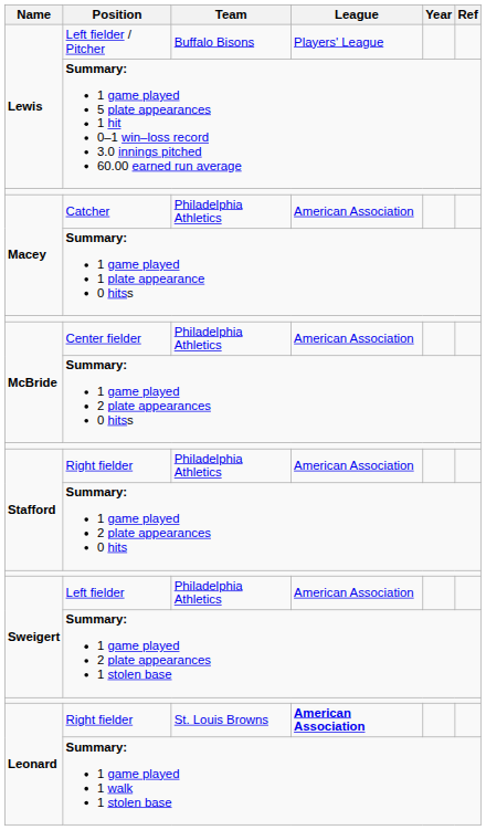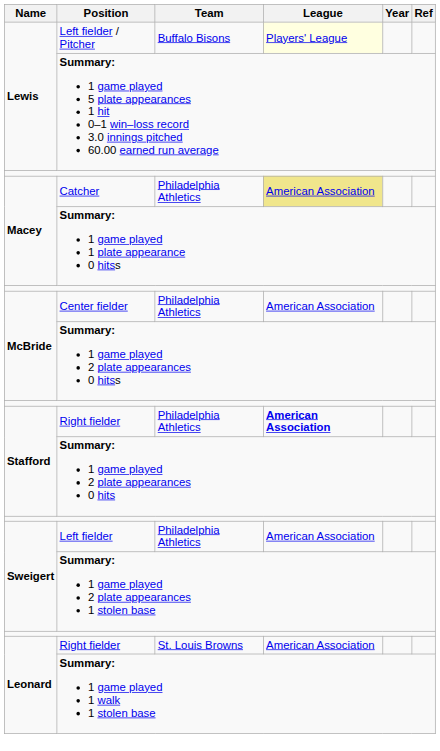 <table class="wikitable">
 <tr>
 <th>Name</th>
 <th>Position</th>
 <th>Team</th>
 <th>League</th>
 <th>Year</th>
 <th>Ref</th>
 </tr>
 <tr>
 <td rowspan="2"><strong>Lewis</strong></td>
 <td><a href='#'>Left fielder</a> / <a href='#'>Pitcher</a></td>
 <td><a href='#'>Buffalo Bisons</a></td>
-<td><a href='#'>Players' League</a></td>
+<td style="background: lightyellow;"><a href='#'>Players' League</a></td>
 <td></td>
 <td></td>
 </tr>
 <tr>
 <td colspan="5"><strong>Summary:</strong><br><ul><li>1 <a href='#'>game played</a></li><li>5 <a href='#'>plate appearances</a></li><li>1 <a href='#'>hit</a></li><li>0–1 <a href='#'>win–loss record</a></li><li>3.0 <a href='#'>innings pitched</a></li><li>60.00 <a href='#'>earned run average</a></li></ul></td>
 </tr>
 <tr>
 <td colspan="6"></td>
 </tr>
 <tr>
 <td rowspan="2"><strong>Macey</strong></td>
 <td><a href='#'>Catcher</a></td>
 <td><a href='#'>Philadelphia Athletics</a></td>
-<td><a href='#'>American Association</a></td>
+<td style="background: khaki;"><a href='#'>American Association</a></td>
 <td></td>
 <td></td>
 </tr>
 <tr>
 <td colspan="5"><strong>Summary:</strong><br><ul><li>1 <a href='#'>game played</a></li><li>1 <a href='#'>plate appearance</a></li><li>0 <a href='#'>hits</a>s</li></ul></td>
 </tr>
 <tr>
 <td colspan="6"></td>
 </tr>
 <tr>
 <td rowspan="2"><strong>McBride</strong></td>
 <td><a href='#'>Center fielder</a></td>
 <td><a href='#'>Philadelphia Athletics</a></td>
 <td><a href='#'>American Association</a></td>
 <td></td>
 <td></td>
 </tr>
 <tr>
 <td colspan="5"><strong>Summary:</strong><br><ul><li>1 <a href='#'>game played</a></li><li>2 <a href='#'>plate appearances</a></li><li>0 <a href='#'>hits</a>s</li></ul></td>
 </tr>
 <tr>
 <td colspan="6"></td>
 </tr>
 <tr>
 <td rowspan="2"><strong>Stafford</strong></td>
 <td><a href='#'>Right fielder</a></td>
 <td><a href='#'>Philadelphia Athletics</a></td>
-<td><a href='#'>American Association</a></td>
+<td><strong><a href='#'>American Association</a></strong></td>
 <td></td>
 <td></td>
 </tr>
 <tr>
 <td colspan="5"><strong>Summary:</strong><br><ul><li>1 <a href='#'>game played</a></li><li>2 <a href='#'>plate appearances</a></li><li>0 <a href='#'>hits</a></li></ul></td>
 </tr>
 <tr>
 <td colspan="6"></td>
 </tr>
 <tr>
 <td rowspan="2"><strong>Sweigert</strong></td>
 <td><a href='#'>Left fielder</a></td>
 <td><a href='#'>Philadelphia Athletics</a></td>
 <td><a href='#'>American Association</a></td>
 <td></td>
 <td></td>
 </tr>
 <tr>
 <td colspan="5"><strong>Summary:</strong><br><ul><li>1 <a href='#'>game played</a></li><li>2 <a href='#'>plate appearances</a></li><li>1 <a href='#'>stolen base</a></li></ul></td>
 </tr>
 <tr>
 <td colspan="6"></td>
 </tr>
 <tr>
 <td rowspan="2"><strong>Leonard</strong></td>
 <td><a href='#'>Right fielder</a></td>
 <td><a href='#'>St. Louis Browns</a></td>
-<td><strong><a href='#'>American Association</a></strong></td>
+<td><a href='#'>American Association</a></td>
 <td></td>
 <td></td>
 </tr>
 <tr>
 <td colspan="5"><strong>Summary:</strong><br><ul><li>1 <a href='#'>game played</a></li><li>1 <a href='#'>walk</a></li><li>1 <a href='#'>stolen base</a></li></ul></td>
 </tr>
 </table>
